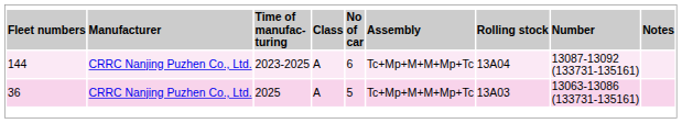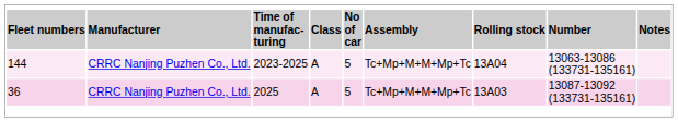 <table class="mw-collapsible sortable" border="0" style="border:1px solid #999;background-color:white;text-align:left;font-size:90%">
 <tr style="background: #">
 <th colspan="10" style="text-align: center"></th>
 </tr>
 <tr bgcolor="#cccccc">
 <th>Fleet numbers</th>
 <th>Manufacturer</th>
 <th>Time of <br> manufac-<br>turing</th>
 <th>Class</th>
 <th>No <br>of<br> car</th>
 <th class="unsortable">Assembly</th>
 <th>Rolling stock</th>
 <th>Number</th>
 <th class="unsortable">Notes</th>
 </tr>
 <tr bgcolor="#fbe9f5">
 <td>144</td>
 <td><a href='#'>CRRC Nanjing Puzhen Co., Ltd.</a></td>
 <td>2023-2025</td>
 <td>A</td>
-<td>6</td>
+<td>5</td>
 <td>Tc+Mp+M+M+Mp+Tc</td>
 <td>13A04</td>
-<td>13087-13092<br>(133731-135161)</td>
+<td>13063-13086<br>(133731-135161)</td>
 <td></td>
 </tr>
 <tr bgcolor="#f8d4eb">
 <td>36</td>
 <td><a href='#'>CRRC Nanjing Puzhen Co., Ltd.</a></td>
 <td>2025</td>
 <td>A</td>
 <td>5</td>
 <td>Tc+Mp+M+M+Mp+Tc</td>
 <td>13A03</td>
-<td>13063-13086<br>(133731-135161)</td>
+<td>13087-13092<br>(133731-135161)</td>
 <td></td>
 </tr>
 <tr style="background:#">
 <td colspan="9"></td>
 </tr>
 <tr>
 <td colspan="7"></td>
 </tr>
 <tr style="background: #">
 <td colspan="9"></td>
 </tr>
 </table>
